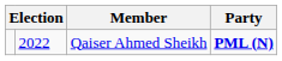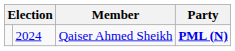 <table class="wikitable">
 <tr>
 <th colspan="2">Election</th>
 <th>Member</th>
 <th>Party</th>
 </tr>
 <tr>
 <td style="background-color: "></td>
-<td><a href='#'>2022</a></td>
+<td><a href='#'>2024</a></td>
 <td><a href='#'>Qaiser Ahmed Sheikh</a></td>
 <td><strong><a href='#'>PML (N)</a></strong></td>
 </tr>
 </table>
